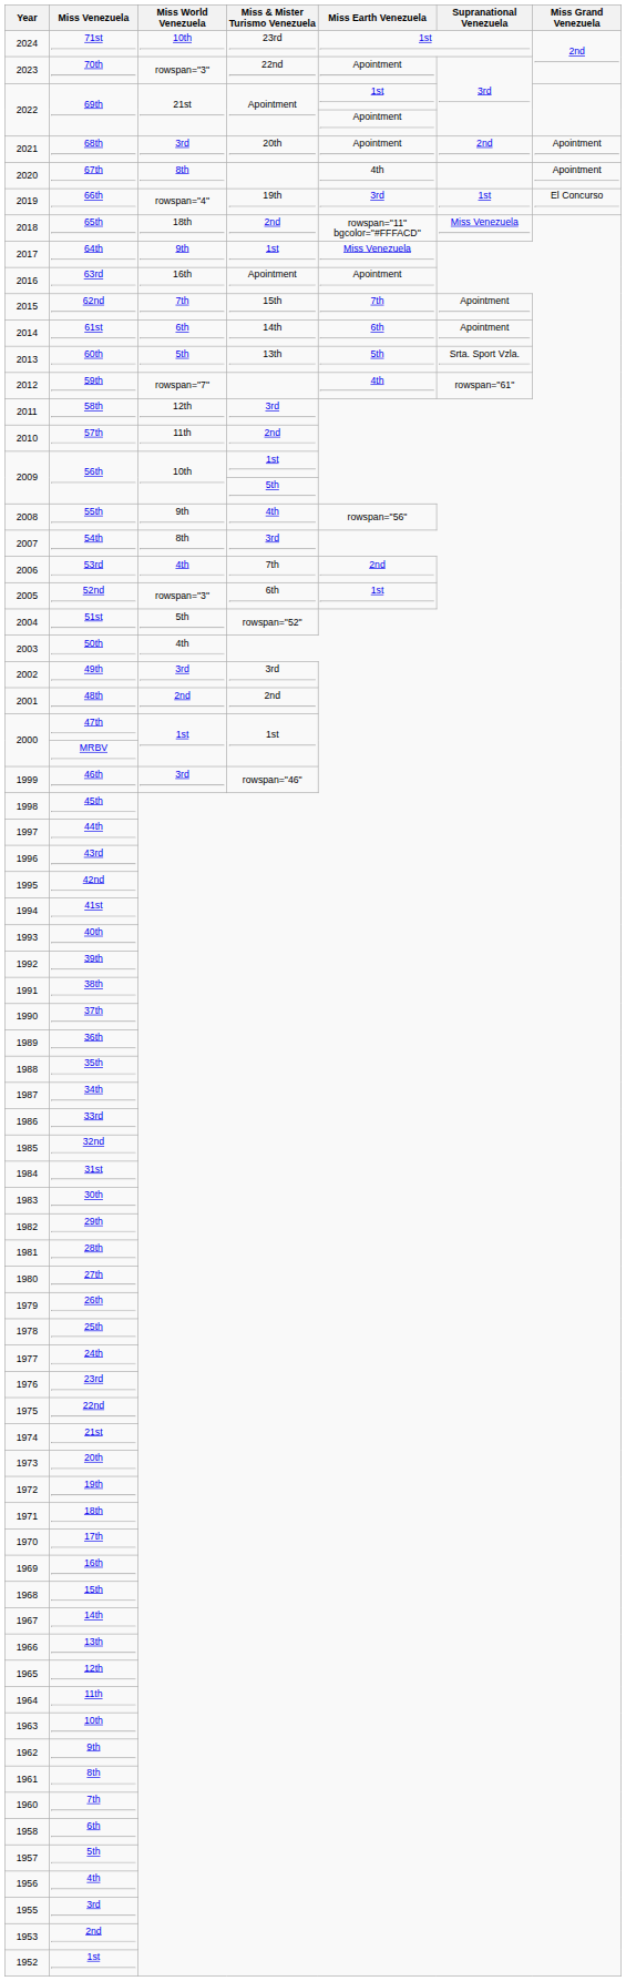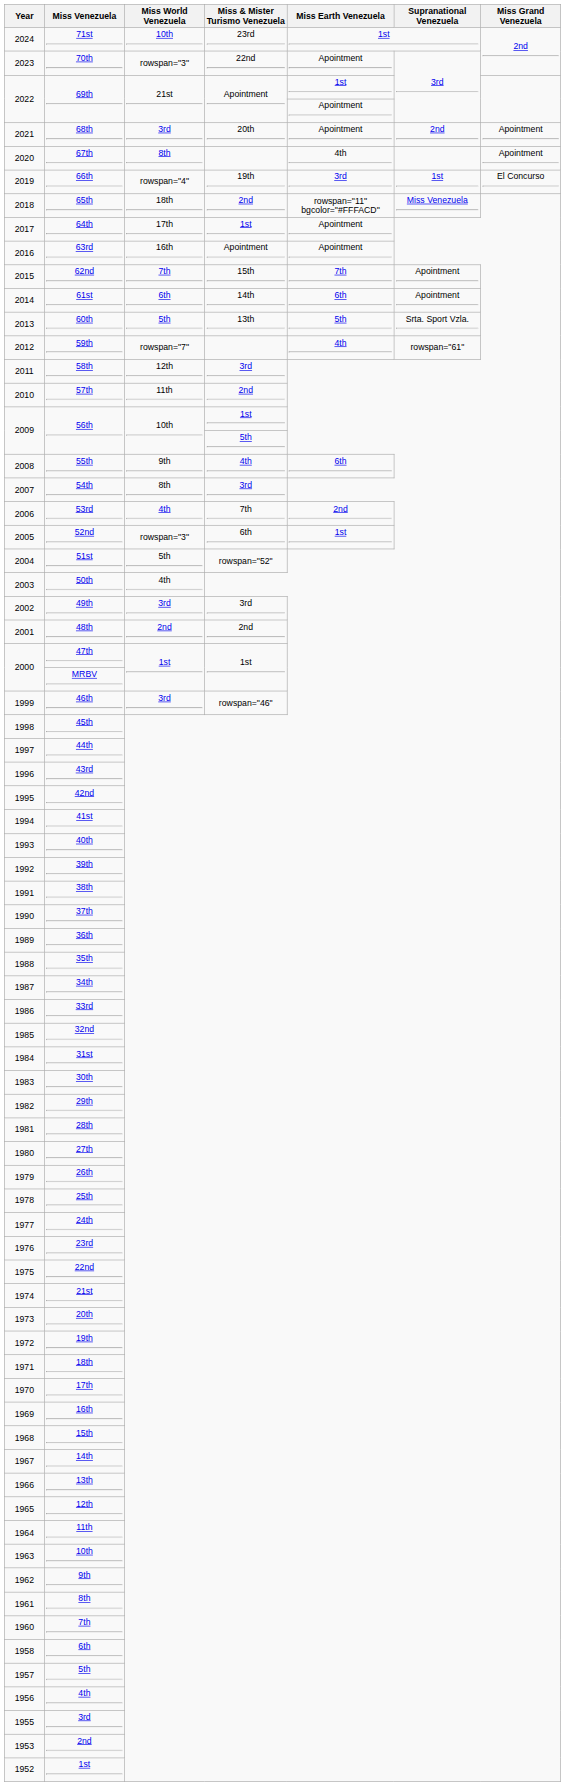 <table class="wikitable" style="font-size: 85%; text-align:center;" |>
 <tr>
 <th width="5%">Year</th>
 <th width="10%">Miss Venezuela<br></th>
 <th width="10%">Miss World Venezuela<br></th>
 <th width="10%">Miss & Mister Turismo Venezuela<br></th>
 <th width="10%">Miss Earth Venezuela<br></th>
 <th width="10%">Supranational Venezuela<br></th>
 <th width="10%">Miss Grand Venezuela<br></th>
 </tr>
 <tr>
 <td>2024</td>
 <td><a href='#'>71st</a><hr></td>
 <td><a href='#'>10th</a><hr></td>
 <td>23rd<hr></td>
 <td colspan="2"><a href='#'>1st</a><hr></td>
 <td rowspan="2"><a href='#'>2nd</a><hr></td>
 </tr>
 <tr>
 <td>2023</td>
 <td><a href='#'>70th</a><hr></td>
 <td>rowspan="3" </td>
 <td>22nd<hr></td>
 <td>Apointment<hr></td>
 <td rowspan="3"><a href='#'>3rd</a><hr></td>
 </tr>
 <tr>
 <td rowspan="2">2022</td>
 <td rowspan="2"><a href='#'>69th</a><hr></td>
 <td rowspan="2">21st<hr></td>
 <td rowspan="2">Apointment<hr></td>
 <td><a href='#'>1st</a><hr></td>
 </tr>
 <tr>
 <td>Apointment<hr></td>
 </tr>
 <tr>
 <td>2021</td>
 <td><a href='#'>68th</a><hr></td>
 <td><a href='#'>3rd</a><hr></td>
 <td>20th<hr></td>
 <td>Apointment<hr></td>
 <td><a href='#'>2nd</a><hr></td>
 <td>Apointment<hr></td>
 </tr>
 <tr>
 <td>2020</td>
 <td><a href='#'>67th</a><hr></td>
 <td><a href='#'>8th</a><hr></td>
 <td></td>
 <td>4th<hr></td>
 <td></td>
 <td>Apointment<hr></td>
 </tr>
 <tr>
 <td>2019</td>
 <td><a href='#'>66th</a><hr></td>
 <td>rowspan="4" </td>
 <td>19th<hr></td>
 <td><a href='#'>3rd</a><hr></td>
 <td><a href='#'>1st</a><hr></td>
 <td>El Concurso<hr></td>
 </tr>
 <tr>
 <td>2018</td>
 <td><a href='#'>65th</a><hr></td>
 <td>18th<hr></td>
 <td><a href='#'>2nd</a><hr></td>
 <td>rowspan="11" bgcolor="#FFFACD" </td>
 <td><a href='#'>Miss Venezuela</a><hr></td>
 </tr>
 <tr>
 <td>2017</td>
 <td><a href='#'>64th</a><hr></td>
-<td><a href='#'>9th</a><hr></td>
+<td>17th<hr></td>
 <td><a href='#'>1st</a><hr></td>
-<td><a href='#'>Miss Venezuela</a><hr></td>
+<td>Apointment<hr></td>
 </tr>
 <tr>
 <td>2016</td>
 <td><a href='#'>63rd</a><hr></td>
 <td>16th<hr></td>
 <td>Apointment<hr></td>
 <td>Apointment<hr></td>
 </tr>
 <tr>
 <td>2015</td>
 <td><a href='#'>62nd</a><hr></td>
 <td><a href='#'>7th</a><hr></td>
 <td>15th<hr></td>
 <td><a href='#'>7th</a><hr></td>
 <td>Apointment<hr></td>
 </tr>
 <tr>
 <td>2014</td>
 <td><a href='#'>61st</a><hr></td>
 <td><a href='#'>6th</a><hr></td>
 <td>14th<hr></td>
 <td><a href='#'>6th</a><hr></td>
 <td>Apointment<hr></td>
 </tr>
 <tr>
 <td>2013</td>
 <td><a href='#'>60th</a><hr></td>
 <td><a href='#'>5th</a><hr></td>
 <td>13th<hr></td>
 <td><a href='#'>5th</a><hr></td>
 <td>Srta. Sport Vzla.<hr></td>
 </tr>
 <tr>
 <td>2012</td>
 <td><a href='#'>59th</a><hr></td>
 <td>rowspan="7" </td>
 <td></td>
 <td><a href='#'>4th</a><hr></td>
 <td>rowspan="61" </td>
 </tr>
 <tr>
 <td>2011</td>
 <td><a href='#'>58th</a><hr></td>
 <td>12th<hr></td>
 <td><a href='#'>3rd</a><hr></td>
 </tr>
 <tr>
 <td>2010</td>
 <td><a href='#'>57th</a><hr></td>
 <td>11th<hr></td>
 <td><a href='#'>2nd</a><hr></td>
 </tr>
 <tr>
 <td rowspan="2">2009</td>
 <td rowspan="2"><a href='#'>56th</a><hr></td>
 <td rowspan="2">10th<hr></td>
 <td><a href='#'>1st</a><hr></td>
 </tr>
 <tr>
 <td><a href='#'>5th</a><hr></td>
 </tr>
 <tr>
 <td>2008</td>
 <td><a href='#'>55th</a><hr></td>
 <td>9th<hr></td>
 <td><a href='#'>4th</a><hr></td>
-<td>rowspan="56" </td>
+<td><a href='#'>6th</a><hr></td>
 </tr>
 <tr>
 <td>2007</td>
 <td><a href='#'>54th</a><hr></td>
 <td>8th<hr></td>
 <td><a href='#'>3rd</a><hr></td>
 </tr>
 <tr>
 <td>2006</td>
 <td><a href='#'>53rd</a><hr></td>
 <td><a href='#'>4th</a><hr></td>
 <td>7th<hr></td>
 <td><a href='#'>2nd</a><hr></td>
 </tr>
 <tr>
 <td>2005</td>
 <td><a href='#'>52nd</a><hr></td>
 <td>rowspan="3" </td>
 <td>6th<hr></td>
 <td><a href='#'>1st</a><hr></td>
 </tr>
 <tr>
 <td>2004</td>
 <td><a href='#'>51st</a><hr></td>
 <td>5th<hr></td>
 <td>rowspan="52" </td>
 </tr>
 <tr>
 <td>2003</td>
 <td><a href='#'>50th</a><hr></td>
 <td>4th<hr></td>
 </tr>
 <tr>
 <td>2002</td>
 <td><a href='#'>49th</a><hr></td>
 <td><a href='#'>3rd</a><hr></td>
 <td>3rd<hr></td>
 </tr>
 <tr>
 <td>2001</td>
 <td><a href='#'>48th</a><hr></td>
 <td><a href='#'>2nd</a><hr></td>
 <td>2nd<hr></td>
 </tr>
 <tr>
 <td rowspan="2">2000</td>
 <td><a href='#'>47th</a><hr></td>
 <td rowspan="2"><a href='#'>1st</a><hr></td>
 <td rowspan="2">1st<hr></td>
 </tr>
 <tr>
 <td><a href='#'>MRBV</a><hr></td>
 </tr>
 <tr>
 <td>1999</td>
 <td><a href='#'>46th</a><hr></td>
 <td><a href='#'>3rd</a><hr></td>
 <td>rowspan="46" </td>
 </tr>
 <tr>
 <td>1998</td>
 <td><a href='#'>45th</a><hr></td>
 </tr>
 <tr>
 <td>1997</td>
 <td><a href='#'>44th</a><hr></td>
 </tr>
 <tr>
 <td>1996</td>
 <td><a href='#'>43rd</a><hr></td>
 </tr>
 <tr>
 <td>1995</td>
 <td><a href='#'>42nd</a><hr></td>
 </tr>
 <tr>
 <td>1994</td>
 <td><a href='#'>41st</a><hr></td>
 </tr>
 <tr>
 <td>1993</td>
 <td><a href='#'>40th</a><hr></td>
 </tr>
 <tr>
 <td>1992</td>
 <td><a href='#'>39th</a><hr></td>
 </tr>
 <tr>
 <td>1991</td>
 <td><a href='#'>38th</a><hr></td>
 </tr>
 <tr>
 <td>1990</td>
 <td><a href='#'>37th</a><hr></td>
 </tr>
 <tr>
 <td>1989</td>
 <td><a href='#'>36th</a><hr></td>
 </tr>
 <tr>
 <td>1988</td>
 <td><a href='#'>35th</a><hr></td>
 </tr>
 <tr>
 <td>1987</td>
 <td><a href='#'>34th</a><hr></td>
 </tr>
 <tr>
 <td>1986</td>
 <td><a href='#'>33rd</a><hr></td>
 </tr>
 <tr>
 <td>1985</td>
 <td><a href='#'>32nd</a><hr></td>
 </tr>
 <tr>
 <td>1984</td>
 <td><a href='#'>31st</a><hr></td>
 </tr>
 <tr>
 <td>1983</td>
 <td><a href='#'>30th</a><hr></td>
 </tr>
 <tr>
 <td>1982</td>
 <td><a href='#'>29th</a><hr></td>
 </tr>
 <tr>
 <td>1981</td>
 <td><a href='#'>28th</a><hr></td>
 </tr>
 <tr>
 <td>1980</td>
 <td><a href='#'>27th</a><hr></td>
 </tr>
 <tr>
 <td>1979</td>
 <td><a href='#'>26th</a><hr></td>
 </tr>
 <tr>
 <td>1978</td>
 <td><a href='#'>25th</a><hr></td>
 </tr>
 <tr>
 <td>1977</td>
 <td><a href='#'>24th</a><hr></td>
 </tr>
 <tr>
 <td>1976</td>
 <td><a href='#'>23rd</a><hr></td>
 </tr>
 <tr>
 <td>1975</td>
 <td><a href='#'>22nd</a><hr></td>
 </tr>
 <tr>
 <td>1974</td>
 <td><a href='#'>21st</a><hr></td>
 </tr>
 <tr>
 <td>1973</td>
 <td><a href='#'>20th</a><hr></td>
 </tr>
 <tr>
 <td>1972</td>
 <td><a href='#'>19th</a><hr></td>
 </tr>
 <tr>
 <td>1971</td>
 <td><a href='#'>18th</a><hr></td>
 </tr>
 <tr>
 <td>1970</td>
 <td><a href='#'>17th</a><hr></td>
 </tr>
 <tr>
 <td>1969</td>
 <td><a href='#'>16th</a><hr></td>
 </tr>
 <tr>
 <td>1968</td>
 <td><a href='#'>15th</a><hr></td>
 </tr>
 <tr>
 <td>1967</td>
 <td><a href='#'>14th</a><hr></td>
 </tr>
 <tr>
 <td>1966</td>
 <td><a href='#'>13th</a><hr></td>
 </tr>
 <tr>
 <td>1965</td>
 <td><a href='#'>12th</a><hr></td>
 </tr>
 <tr>
 <td>1964</td>
 <td><a href='#'>11th</a><hr></td>
 </tr>
 <tr>
 <td>1963</td>
 <td><a href='#'>10th</a><hr></td>
 </tr>
 <tr>
 <td>1962</td>
 <td><a href='#'>9th</a><hr></td>
 </tr>
 <tr>
 <td>1961</td>
 <td><a href='#'>8th</a><hr></td>
 </tr>
 <tr>
 <td>1960</td>
 <td><a href='#'>7th</a><hr></td>
 </tr>
 <tr>
 <td>1958</td>
 <td><a href='#'>6th</a><hr></td>
 </tr>
 <tr>
 <td>1957</td>
 <td><a href='#'>5th</a><hr></td>
 </tr>
 <tr>
 <td>1956</td>
 <td><a href='#'>4th</a><hr></td>
 </tr>
 <tr>
 <td>1955</td>
 <td><a href='#'>3rd</a><hr></td>
 </tr>
 <tr>
 <td>1953</td>
 <td><a href='#'>2nd</a><hr></td>
 </tr>
 <tr>
 <td>1952</td>
 <td><a href='#'>1st</a><hr></td>
 </tr>
 </table>
